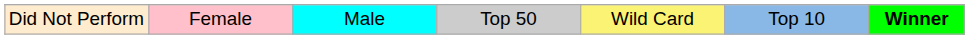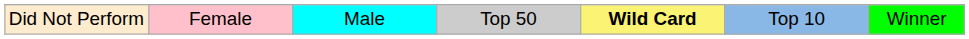 <table class="wikitable" style="margin:1em auto; text-align:center;">
 <tr>
 </tr>
 <tr>
 <td style="background:#ffebcd; width:15%;">Did Not Perform</td>
 <td style="background:pink; width:15%;">Female</td>
 <td style="background:cyan; width:15%;">Male</td>
 <td style="background:#ccc; width:15%;">Top 50</td>
-<td style="background:#fbf373; width:15%;">Wild Card</td>
+<td style="background:#fbf373; width:15%;"><strong>Wild Card</strong></td>
 <td style="background:#8ab8e6; width:15%;">Top 10</td>
-<td style="background:lime; width:15%;"><strong>Winner</strong></td>
+<td style="background:lime; width:15%;">Winner</td>
 </tr>
 </table>
